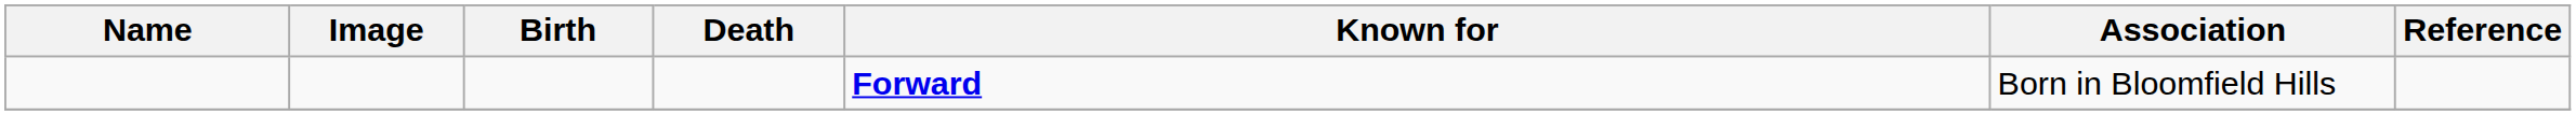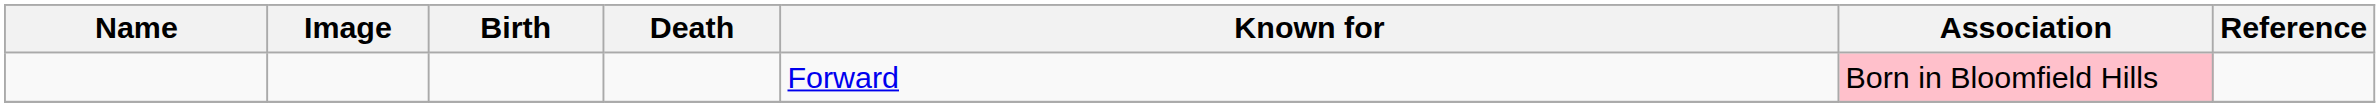 <table class="wikitable sortable">
 <tr>
 <th scope="col" width="140">Name</th>
 <th scope="col" width="80" class="unsortable">Image</th>
 <th scope="col" width="90">Birth</th>
 <th scope="col" width="90">Death</th>
 <th scope="col" width="600" class="unsortable">Known for</th>
 <th scope="col" width="200" class="unsortable">Association</th>
 <th scope="col" width="30" class="unsortable">Reference</th>
 </tr>
 <tr>
 <td></td>
 <td></td>
 <td align=right></td>
 <td align=right></td>
-<td><strong><a href='#'>Forward</a></strong></td>
-<td>Born in Bloomfield Hills</td>
+<td><a href='#'>Forward</a></td>
+<td style="background: pink;">Born in Bloomfield Hills</td>
 <td align="center"></td>
 </tr>
 <tr>
 </tr>
 </table>
